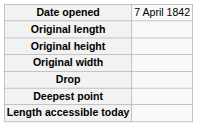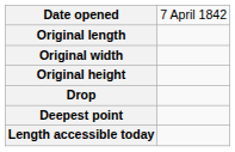 <table class="wikitable">
 <tr>
 <th>Date opened</th>
 <td>7 April 1842</td>
 </tr>
 <tr>
 <th>Original length</th>
 <td></td>
 </tr>
 <tr>
-<th>Original height</th>
+<th>Original width</th>
 <td></td>
 </tr>
 <tr>
-<th>Original width</th>
+<th>Original height</th>
 <td></td>
 </tr>
 <tr>
 <th>Drop</th>
 <td></td>
 </tr>
 <tr>
 <th>Deepest point</th>
 <td></td>
 </tr>
 <tr>
 <th>Length accessible today</th>
 <td></td>
 </tr>
 </table>
